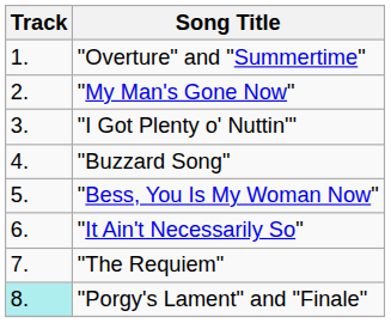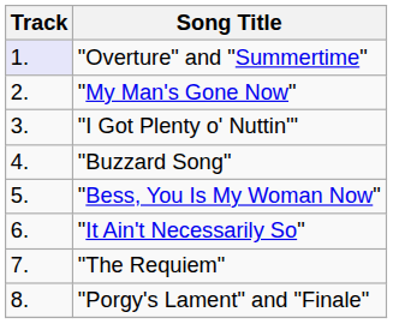 <table class="wikitable">
 <tr>
 <th>Track</th>
 <th>Song Title</th>
 </tr>
 <tr>
-<td>1.</td>
+<td style="background: lavender;">1.</td>
 <td>"Overture" and "<a href='#'>Summertime</a>"</td>
 </tr>
 <tr>
 <td>2.</td>
 <td>"<a href='#'>My Man's Gone Now</a>"</td>
 </tr>
 <tr>
 <td>3.</td>
 <td>"I Got Plenty o' Nuttin'"</td>
 </tr>
 <tr>
 <td>4.</td>
 <td>"Buzzard Song"</td>
 </tr>
 <tr>
 <td>5.</td>
 <td>"<a href='#'>Bess, You Is My Woman Now</a>"</td>
 </tr>
 <tr>
 <td>6.</td>
 <td>"<a href='#'>It Ain't Necessarily So</a>"</td>
 </tr>
 <tr>
 <td>7.</td>
 <td>"The Requiem"</td>
 </tr>
 <tr>
-<td style="background: paleturquoise;">8.</td>
+<td>8.</td>
 <td>"Porgy's Lament" and "Finale"</td>
 </tr>
 <tr>
 </tr>
 </table>
